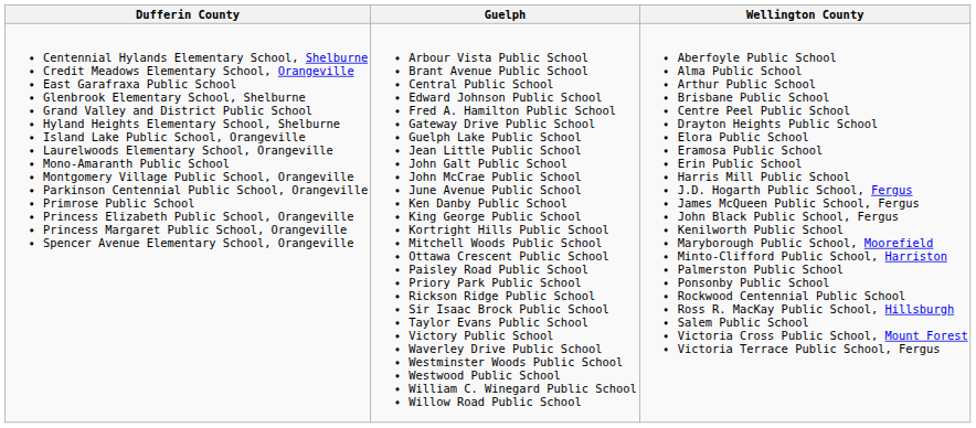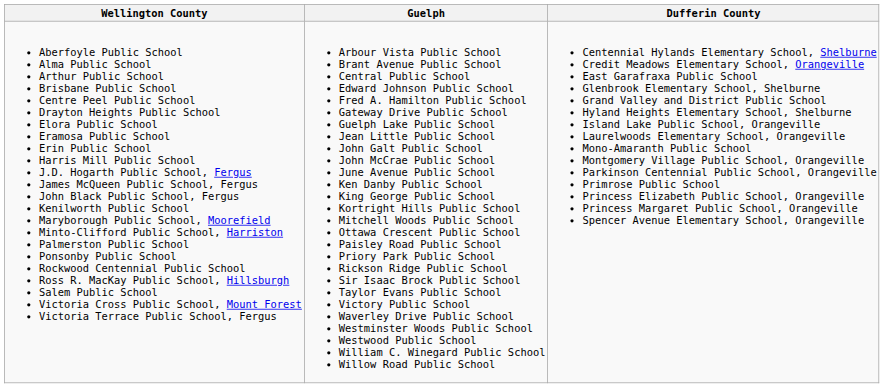 <table class="wikitable">
 <tr>
+<th scope="col">Wellington County</th>
+<th scope="col">Guelph</th>
 <th scope="col">Dufferin County</th>
-<th scope="col">Guelph</th>
-<th scope="col">Wellington County</th>
 </tr>
 <tr valign="top">
+<td><br><ul><li>Aberfoyle Public School</li><li>Alma Public School</li><li>Arthur Public School</li><li>Brisbane Public School</li><li>Centre Peel Public School</li><li>Drayton Heights Public School</li><li>Elora Public School</li><li>Eramosa Public School</li><li>Erin Public School</li><li>Harris Mill Public School</li><li>J.D. Hogarth Public School, <a href='#'>Fergus</a></li><li>James McQueen Public School, Fergus</li><li>John Black Public School, Fergus</li><li>Kenilworth Public School</li><li>Maryborough Public School, <a href='#'>Moorefield</a></li><li>Minto-Clifford Public School, <a href='#'>Harriston</a></li><li>Palmerston Public School</li><li>Ponsonby Public School</li><li>Rockwood Centennial Public School</li><li>Ross R. MacKay Public School, <a href='#'>Hillsburgh</a></li><li>Salem Public School</li><li>Victoria Cross Public School, <a href='#'>Mount Forest</a></li><li>Victoria Terrace Public School, Fergus</li></ul></td>
+<td><br><ul><li>Arbour Vista Public School</li><li>Brant Avenue Public School</li><li>Central Public School</li><li>Edward Johnson Public School</li><li>Fred A. Hamilton Public School</li><li>Gateway Drive Public School</li><li>Guelph Lake Public School</li><li>Jean Little Public School</li><li>John Galt Public School</li><li>John McCrae Public School</li><li>June Avenue Public School</li><li>Ken Danby Public School</li><li>King George Public School</li><li>Kortright Hills Public School</li><li>Mitchell Woods Public School</li><li>Ottawa Crescent Public School</li><li>Paisley Road Public School</li><li>Priory Park Public School</li><li>Rickson Ridge Public School</li><li>Sir Isaac Brock Public School</li><li>Taylor Evans Public School</li><li>Victory Public School</li><li>Waverley Drive Public School</li><li>Westminster Woods Public School</li><li>Westwood Public School</li><li>William C. Winegard Public School</li><li>Willow Road Public School</li></ul></td>
 <td><br><ul><li>Centennial Hylands Elementary School, <a href='#'>Shelburne</a></li><li>Credit Meadows Elementary School, <a href='#'>Orangeville</a></li><li>East Garafraxa Public School</li><li>Glenbrook Elementary School, Shelburne</li><li>Grand Valley and District Public School</li><li>Hyland Heights Elementary School, Shelburne</li><li>Island Lake Public School, Orangeville</li><li>Laurelwoods Elementary School, Orangeville</li><li>Mono-Amaranth Public School</li><li>Montgomery Village Public School, Orangeville</li><li>Parkinson Centennial Public School, Orangeville</li><li>Primrose Public School</li><li>Princess Elizabeth Public School, Orangeville</li><li>Princess Margaret Public School, Orangeville</li><li>Spencer Avenue Elementary School, Orangeville</li></ul></td>
-<td><br><ul><li>Arbour Vista Public School</li><li>Brant Avenue Public School</li><li>Central Public School</li><li>Edward Johnson Public School</li><li>Fred A. Hamilton Public School</li><li>Gateway Drive Public School</li><li>Guelph Lake Public School</li><li>Jean Little Public School</li><li>John Galt Public School</li><li>John McCrae Public School</li><li>June Avenue Public School</li><li>Ken Danby Public School</li><li>King George Public School</li><li>Kortright Hills Public School</li><li>Mitchell Woods Public School</li><li>Ottawa Crescent Public School</li><li>Paisley Road Public School</li><li>Priory Park Public School</li><li>Rickson Ridge Public School</li><li>Sir Isaac Brock Public School</li><li>Taylor Evans Public School</li><li>Victory Public School</li><li>Waverley Drive Public School</li><li>Westminster Woods Public School</li><li>Westwood Public School</li><li>William C. Winegard Public School</li><li>Willow Road Public School</li></ul></td>
-<td><br><ul><li>Aberfoyle Public School</li><li>Alma Public School</li><li>Arthur Public School</li><li>Brisbane Public School</li><li>Centre Peel Public School</li><li>Drayton Heights Public School</li><li>Elora Public School</li><li>Eramosa Public School</li><li>Erin Public School</li><li>Harris Mill Public School</li><li>J.D. Hogarth Public School, <a href='#'>Fergus</a></li><li>James McQueen Public School, Fergus</li><li>John Black Public School, Fergus</li><li>Kenilworth Public School</li><li>Maryborough Public School, <a href='#'>Moorefield</a></li><li>Minto-Clifford Public School, <a href='#'>Harriston</a></li><li>Palmerston Public School</li><li>Ponsonby Public School</li><li>Rockwood Centennial Public School</li><li>Ross R. MacKay Public School, <a href='#'>Hillsburgh</a></li><li>Salem Public School</li><li>Victoria Cross Public School, <a href='#'>Mount Forest</a></li><li>Victoria Terrace Public School, Fergus</li></ul></td>
 </tr>
 </table>
